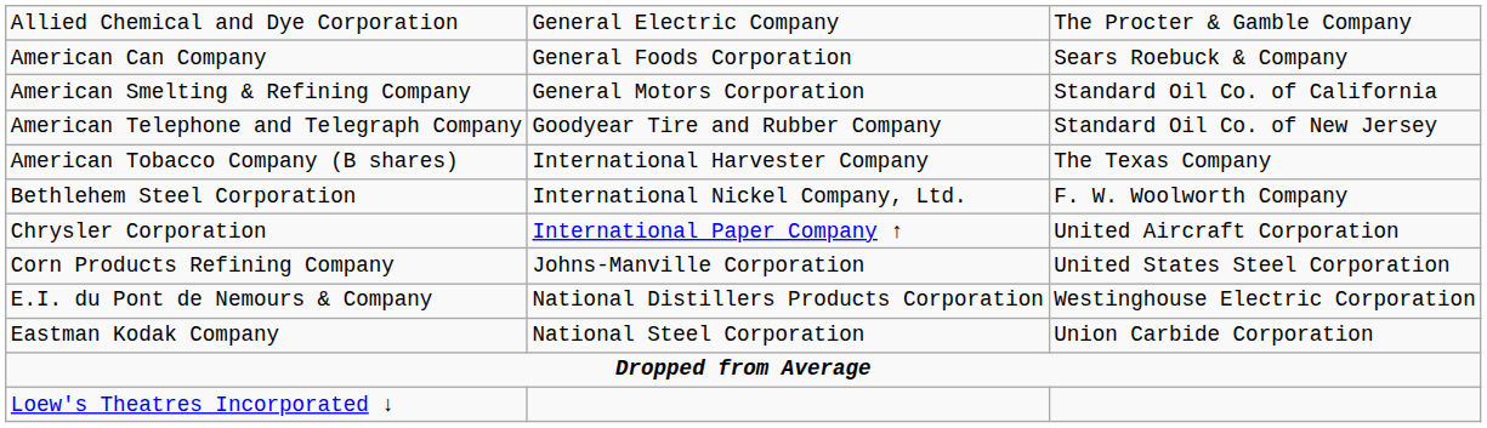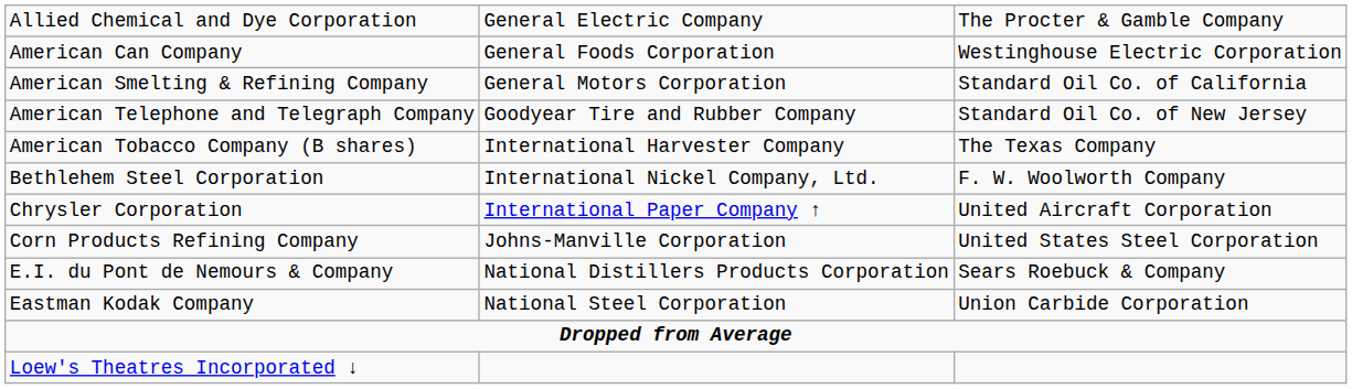 <table class="wikitable" border="1">
 <tr>
 <td>Allied Chemical and Dye Corporation</td>
 <td>General Electric Company</td>
 <td>The Procter & Gamble Company</td>
 </tr>
 <tr>
 <td>American Can Company</td>
 <td>General Foods Corporation</td>
-<td>Sears Roebuck & Company</td>
+<td>Westinghouse Electric Corporation</td>
 </tr>
 <tr>
 <td>American Smelting & Refining Company</td>
 <td>General Motors Corporation</td>
 <td>Standard Oil Co. of California</td>
 </tr>
 <tr>
 <td>American Telephone and Telegraph Company</td>
 <td>Goodyear Tire and Rubber Company</td>
 <td>Standard Oil Co. of New Jersey</td>
 </tr>
 <tr>
 <td>American Tobacco Company (B shares)</td>
 <td>International Harvester Company</td>
 <td>The Texas Company</td>
 </tr>
 <tr>
 <td>Bethlehem Steel Corporation</td>
 <td>International Nickel Company, Ltd.</td>
 <td>F. W. Woolworth Company</td>
 </tr>
 <tr>
 <td>Chrysler Corporation</td>
 <td><a href='#'>International Paper Company</a> ↑</td>
 <td>United Aircraft Corporation</td>
 </tr>
 <tr>
 <td>Corn Products Refining Company</td>
 <td>Johns-Manville Corporation</td>
 <td>United States Steel Corporation</td>
 </tr>
 <tr>
 <td>E.I. du Pont de Nemours & Company</td>
 <td>National Distillers Products Corporation</td>
-<td>Westinghouse Electric Corporation</td>
+<td>Sears Roebuck & Company</td>
 </tr>
 <tr>
 <td>Eastman Kodak Company</td>
 <td>National Steel Corporation</td>
 <td>Union Carbide Corporation</td>
 </tr>
 <tr>
 <td colspan="3" align="center"><strong><em>Dropped from Average</em></strong></td>
 </tr>
 <tr>
 <td><a href='#'>Loew's Theatres Incorporated</a> ↓</td>
 <td></td>
 <td></td>
 </tr>
 </table>
